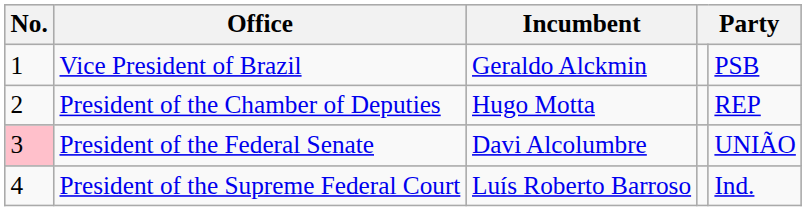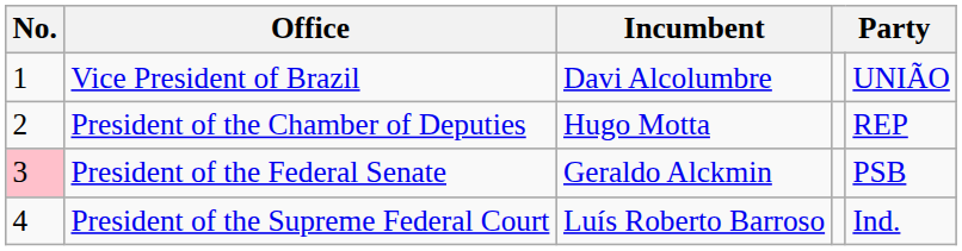 <table class=wikitable>
 <tr>
 <th><abbr>No.</abbr></th>
 <th>Office</th>
 <th>Incumbent</th>
 <th colspan=2>Party</th>
 </tr>
 <tr>
 <td>1</td>
 <td><a href='#'>Vice President of Brazil</a></td>
-<td><a href='#'>Geraldo Alckmin</a></td>
+<td><a href='#'>Davi Alcolumbre</a></td>
 <td style="background:"></td>
-<td><a href='#'>PSB</a></td>
+<td><a href='#'>UNIÃO</a></td>
 </tr>
 <tr>
 <td>2</td>
 <td><a href='#'>President of the Chamber of Deputies</a></td>
 <td><a href='#'>Hugo Motta</a></td>
 <td style="background:"></td>
 <td><a href='#'>REP</a></td>
 </tr>
 <tr>
 <td style="background: pink;">3</td>
 <td><a href='#'>President of the Federal Senate</a></td>
-<td><a href='#'>Davi Alcolumbre</a></td>
+<td><a href='#'>Geraldo Alckmin</a></td>
 <td style="background:"></td>
-<td><a href='#'>UNIÃO</a></td>
+<td><a href='#'>PSB</a></td>
 </tr>
 <tr>
 <td>4</td>
 <td><a href='#'>President of the Supreme Federal Court</a></td>
 <td><a href='#'>Luís Roberto Barroso</a></td>
 <td style="background:"></td>
 <td><a href='#'>Ind.</a></td>
 </tr>
 </table>
